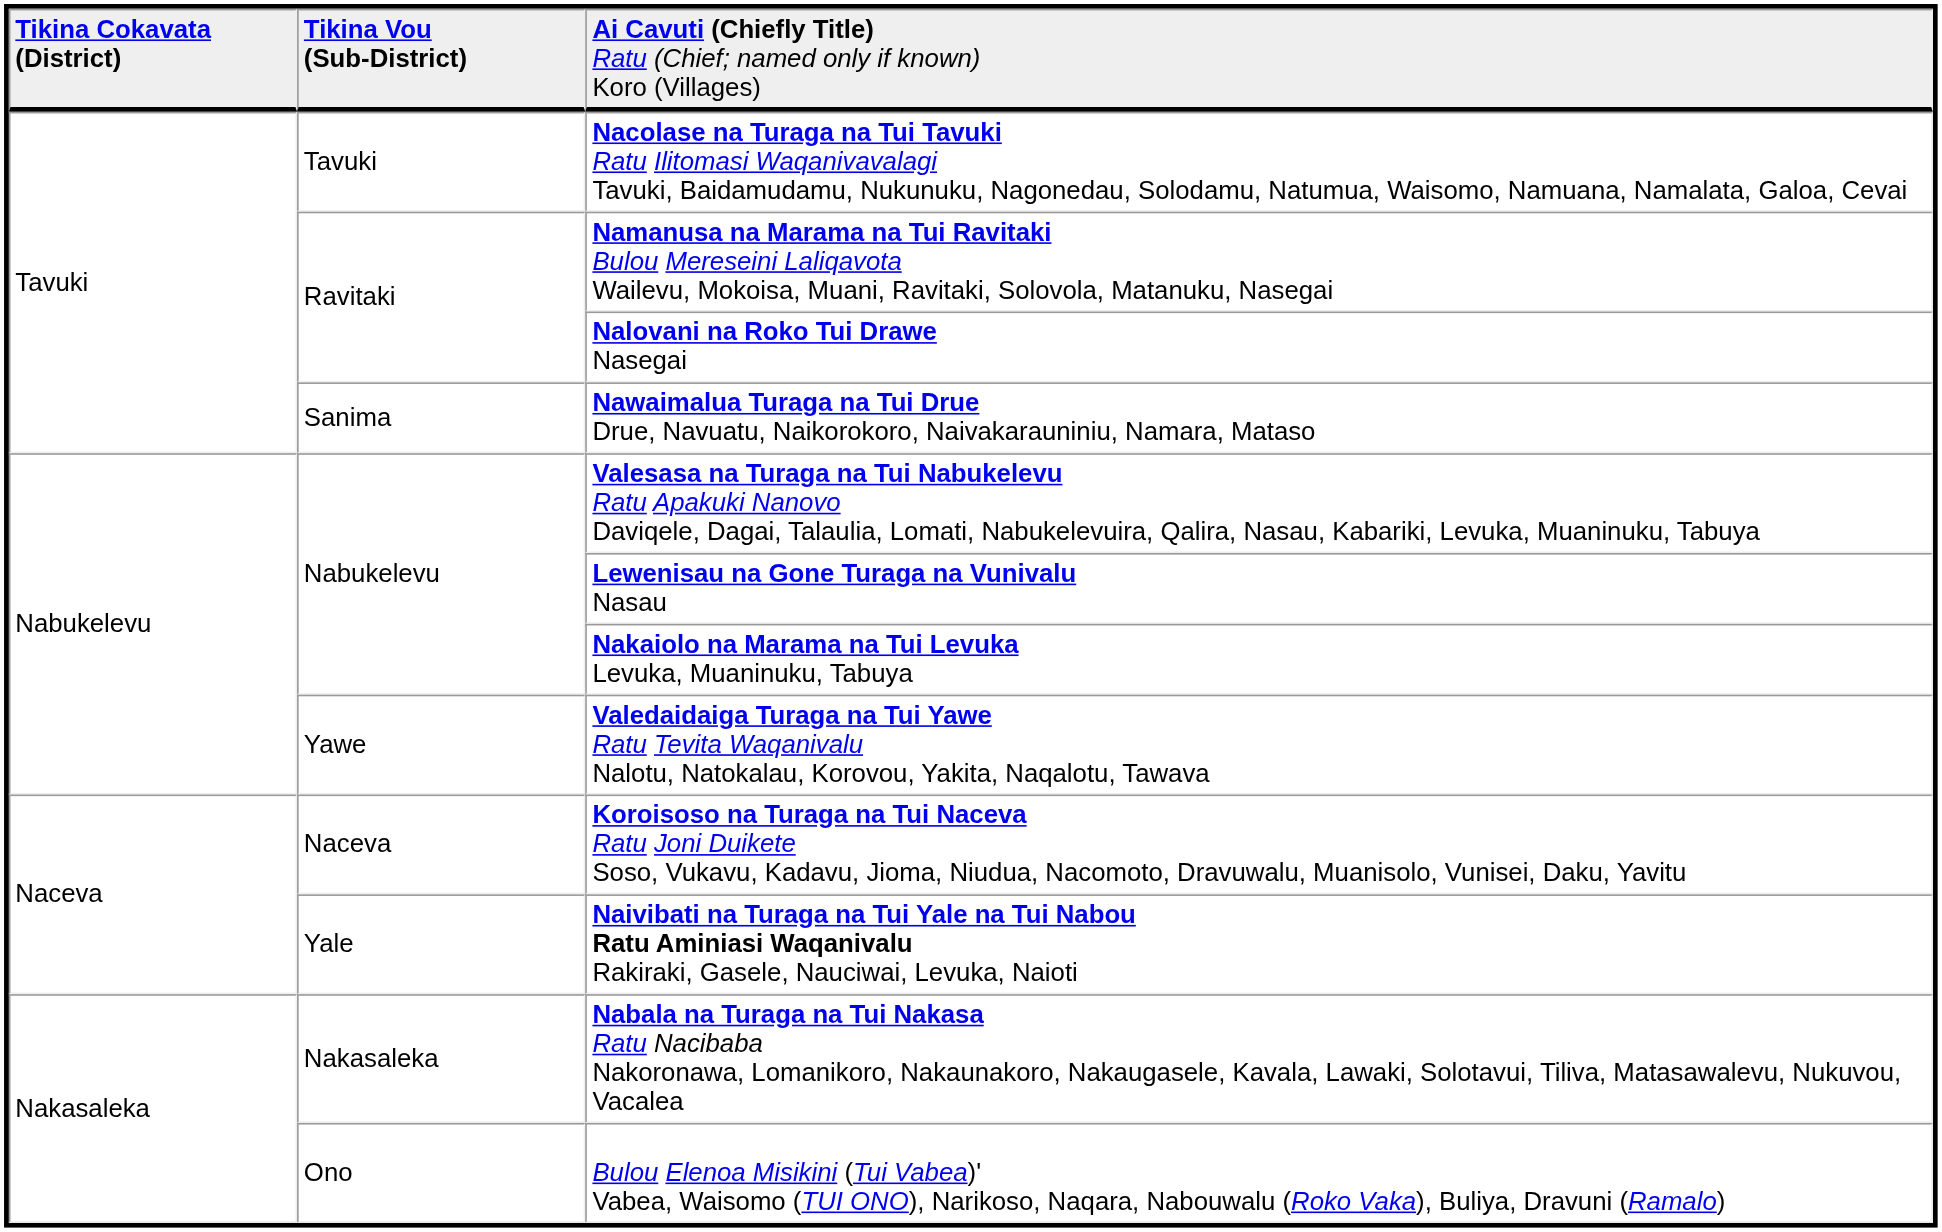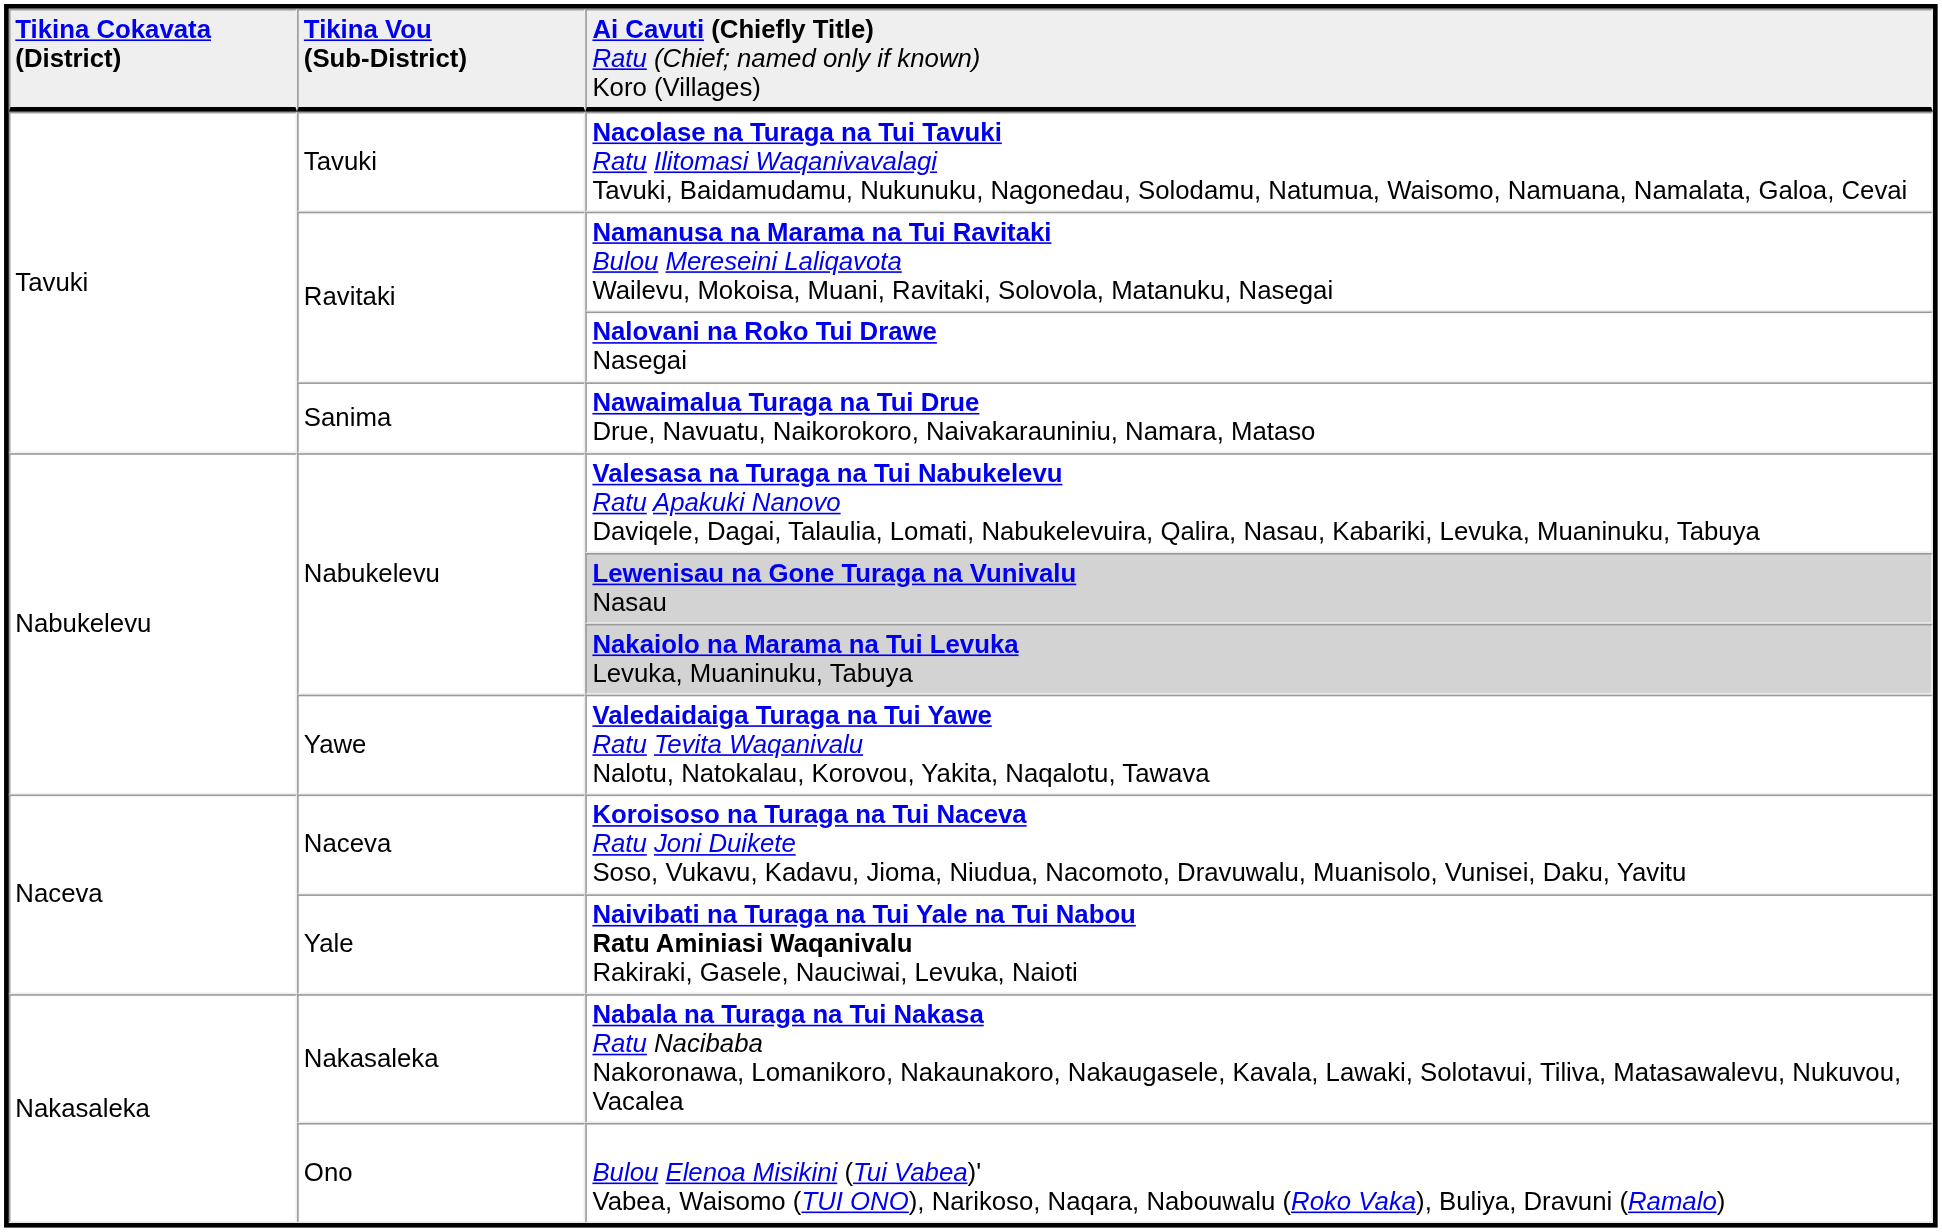 <table table width="95%" border="1" align="center" cellpadding=3 cellspacing=0 style="margin:5px; border:3px solid;">
 <tr>
 <td valign="top" td width="15%" style="border-bottom:3px solid; background:#efefef;"><strong><a href='#'>Tikina Cokavata</a><br>(District)</strong></td>
 <td valign="top" td width="15%" style="border-bottom:3px solid; background:#efefef;"><strong><a href='#'>Tikina Vou</a><br>(Sub-District)</strong></td>
 <td valign="top" td width="70%" style="border-bottom:3px solid; background:#efefef;"><strong><a href='#'>Ai Cavuti</a> (Chiefly Title)</strong><br><em><a href='#'>Ratu</a> (Chief; named only if known)</em><br>Koro (Villages)</td>
 </tr>
 <tr>
 <td rowspan=4>Tavuki</td>
 <td>Tavuki</td>
 <td><strong><a href='#'>Nacolase na Turaga na Tui Tavuki</a></strong><br><em><a href='#'>Ratu</a> <a href='#'>Ilitomasi Waqanivavalagi</a></em><br>Tavuki, Baidamudamu, Nukunuku, Nagonedau, Solodamu, Natumua, Waisomo, Namuana, Namalata, Galoa, Cevai</td>
 </tr>
 <tr>
 <td rowspan=2>Ravitaki</td>
 <td><strong><a href='#'>Namanusa na Marama na Tui Ravitaki</a></strong><br><em><a href='#'>Bulou</a> <a href='#'>Mereseini Laliqavota</a></em><br>Wailevu, Mokoisa, Muani, Ravitaki, Solovola, Matanuku, Nasegai</td>
 </tr>
 <tr>
 <td><strong><a href='#'>Nalovani na Roko Tui Drawe</a></strong><br>Nasegai</td>
 </tr>
 <tr>
 <td>Sanima</td>
 <td><strong><a href='#'>Nawaimalua Turaga na Tui Drue</a></strong><br>Drue, Navuatu, Naikorokoro, Naivakarauniniu, Namara, Mataso</td>
 </tr>
 <tr>
 <td rowspan=4>Nabukelevu</td>
 <td rowspan=3>Nabukelevu</td>
 <td><strong><a href='#'>Valesasa na Turaga na Tui Nabukelevu</a></strong><br><em><a href='#'>Ratu</a> <a href='#'>Apakuki Nanovo</a></em><br>Daviqele, Dagai, Talaulia, Lomati, Nabukelevuira, Qalira, Nasau,  Kabariki, Levuka, Muaninuku, Tabuya</td>
 </tr>
 <tr>
-<td><strong><a href='#'>Lewenisau na Gone Turaga na Vunivalu</a></strong><br>Nasau</td>
+<td style="background: lightgrey;"><strong><a href='#'>Lewenisau na Gone Turaga na Vunivalu</a></strong><br>Nasau</td>
 </tr>
 <tr>
-<td><strong><a href='#'>Nakaiolo na Marama na Tui Levuka</a></strong><br>Levuka, Muaninuku, Tabuya</td>
+<td style="background: lightgrey;"><strong><a href='#'>Nakaiolo na Marama na Tui Levuka</a></strong><br>Levuka, Muaninuku, Tabuya</td>
 </tr>
 <tr>
 <td>Yawe</td>
 <td><strong><a href='#'>Valedaidaiga Turaga na Tui Yawe</a></strong><br><em><a href='#'>Ratu</a> <a href='#'>Tevita Waqanivalu</a></em><br>Nalotu, Natokalau, Korovou, Yakita, Naqalotu, Tawava</td>
 </tr>
 <tr>
 <td rowspan=2>Naceva</td>
 <td>Naceva</td>
 <td><strong><a href='#'>Koroisoso na Turaga na Tui Naceva</a></strong><br><em><a href='#'>Ratu</a> <a href='#'>Joni Duikete</a></em><br>Soso, Vukavu, Kadavu, Jioma, Niudua, Nacomoto, Dravuwalu, Muanisolo, Vunisei, Daku, Yavitu</td>
 </tr>
 <tr>
 <td>Yale</td>
 <td><strong><a href='#'>Naivibati na Turaga na Tui Yale na Tui Nabou</a></strong><br><strong>Ratu Aminiasi Waqanivalu</strong><br>Rakiraki, Gasele, Nauciwai, Levuka, Naioti</td>
 </tr>
 <tr>
 <td rowspan=2>Nakasaleka</td>
 <td>Nakasaleka</td>
 <td><strong><a href='#'>Nabala na Turaga na Tui Nakasa</a></strong><br><em><a href='#'>Ratu</a> Nacibaba</em><br>Nakoronawa, Lomanikoro, Nakaunakoro, Nakaugasele, Kavala, Lawaki, Solotavui, Tiliva, Matasawalevu, Nukuvou, Vacalea</td>
 </tr>
 <tr>
 <td>Ono</td>
 <td><br><em><a href='#'>Bulou</a> <a href='#'>Elenoa Misikini</a></em> (<em><a href='#'>Tui Vabea</a></em>)'<br>Vabea, Waisomo (<em><a href='#'>TUI ONO</a></em>), Narikoso, Naqara, Nabouwalu (<em><a href='#'>Roko Vaka</a></em>), Buliya, Dravuni (<em><a href='#'>Ramalo</a></em>)</td>
 </tr>
 </table>
